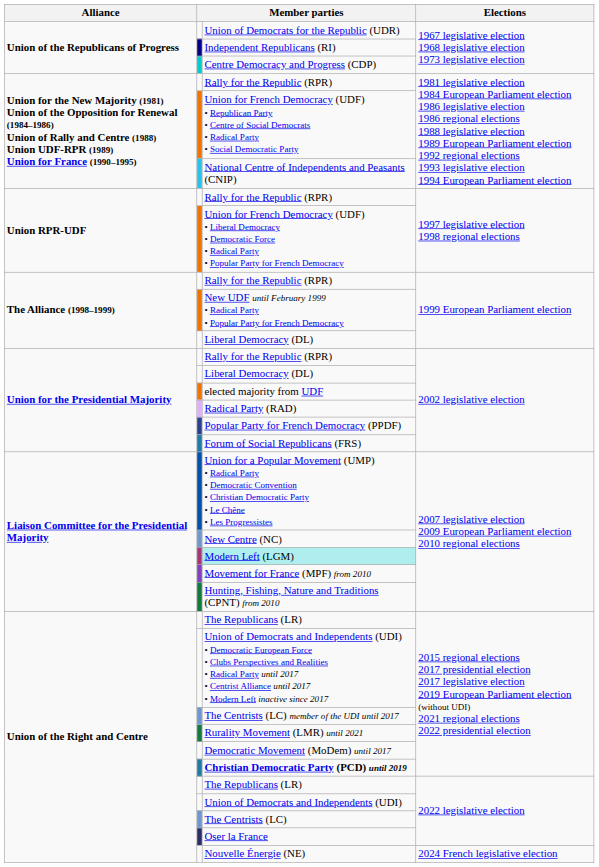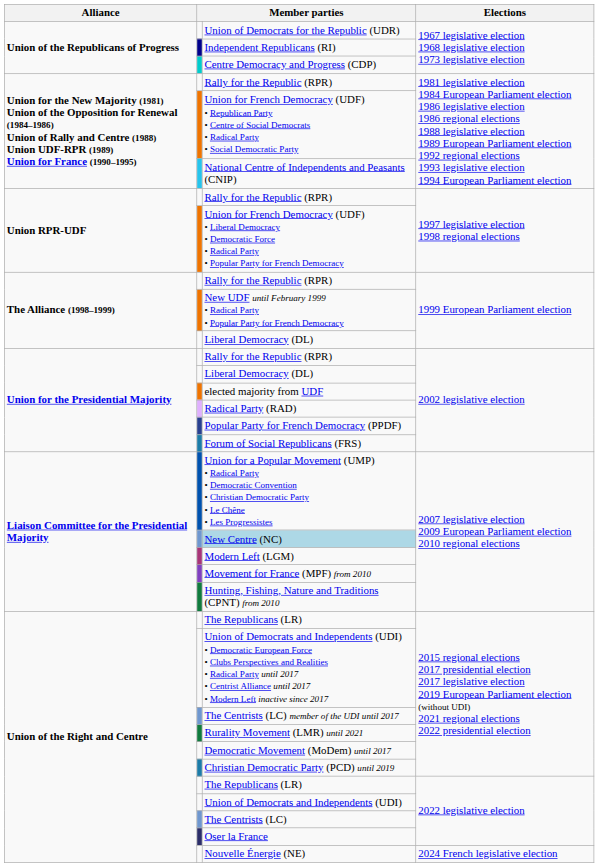 <table class="wikitable">
 <tr>
 <th scope="col">Alliance</th>
 <th colspan="2" scope="col">Member parties</th>
 <th scope="col">Elections</th>
 </tr>
 <tr>
 <td rowspan="3" scope="row"><strong>Union of the Republicans of Progress</strong></td>
 <td style="background-color:"></td>
 <td><a href='#'>Union of Democrats for the Republic</a> (UDR)</td>
 <td rowspan="3"><a href='#'>1967 legislative election</a><br><a href='#'>1968 legislative election</a><br><a href='#'>1973 legislative election</a></td>
 </tr>
 <tr>
 <td style="background-color: #00008B"></td>
 <td><a href='#'>Independent Republicans</a> (RI)</td>
 </tr>
 <tr>
 <td style="background-color: #00CCCC"></td>
 <td><a href='#'>Centre Democracy and Progress</a> (CDP)</td>
 </tr>
 <tr>
 <td rowspan="3" scope="row"><strong>Union for the New Majority  <small>(1981)</small></strong><br><strong>Union of the Opposition for Renewal  <small>(1984–1986)</small><br>Union of Rally and Centre  <small>(1988)</small></strong><br><strong>Union UDF-RPR  <small>(1989)</small></strong><br><strong><a href='#'>Union for France</a> <small>(1990–1995)</small></strong></td>
 <td style="background-color:"></td>
 <td><a href='#'>Rally for the Republic</a> (RPR)</td>
 <td rowspan="3"><a href='#'>1981 legislative election</a><br><a href='#'>1984 European Parliament election</a><br><a href='#'>1986 legislative election</a><br><a href='#'>1986 regional elections</a><br><a href='#'>1988 legislative election</a><br><a href='#'>1989 European Parliament election</a><br><a href='#'>1992 regional elections</a><br><a href='#'>1993 legislative election</a><br><a href='#'>1994 European Parliament election</a></td>
 </tr>
 <tr>
 <td style="background-color: #F07400"></td>
 <td><a href='#'>Union for French Democracy</a> (UDF)<small><br> • <a href='#'>Republican Party</a><br> • <a href='#'>Centre of Social Democrats</a><br> • <a href='#'>Radical Party</a><br> • <a href='#'>Social Democratic Party</a></small></td>
 </tr>
 <tr>
 <td style="background-color: #26C4EC"></td>
 <td><a href='#'>National Centre of Independents and Peasants</a> (CNIP)</td>
 </tr>
 <tr>
 <td rowspan="2" scope="row"><strong>Union RPR-UDF</strong></td>
 <td style="background-color:"></td>
 <td><a href='#'>Rally for the Republic</a> (RPR)</td>
 <td rowspan="2"><a href='#'>1997 legislative election</a><br><a href='#'>1998 regional elections</a></td>
 </tr>
 <tr>
 <td style="background-color: #F07400"></td>
 <td><a href='#'>Union for French Democracy</a> (UDF)<small><br> • <a href='#'>Liberal Democracy</a><br> • <a href='#'>Democratic Force</a><br> • <a href='#'>Radical Party</a><br> • <a href='#'>Popular Party for French Democracy</a></small></td>
 </tr>
 <tr>
 <td rowspan="3" scope="row"><strong>The Alliance <small>(1998–1999)</small></strong></td>
 <td style="background-color:"></td>
 <td><a href='#'>Rally for the Republic</a> (RPR)</td>
 <td rowspan="3"><a href='#'>1999 European Parliament election</a></td>
 </tr>
 <tr>
 <td style="background-color: #F07400"></td>
 <td><a href='#'>New UDF</a> <small><em>until February 1999</em><br> • <a href='#'>Radical Party</a><br> • <a href='#'>Popular Party for French Democracy</a></small></td>
 </tr>
 <tr>
 <td style="background-color:"></td>
 <td><a href='#'>Liberal Democracy</a> (DL)</td>
 </tr>
 <tr>
 <td rowspan="6" scope="row"><strong><a href='#'>Union for the Presidential Majority</a></strong></td>
 <td style="background-color:"></td>
 <td><a href='#'>Rally for the Republic</a> (RPR)</td>
 <td rowspan="6"><a href='#'>2002 legislative election</a></td>
 </tr>
 <tr>
 <td style="background-color:"></td>
 <td><a href='#'>Liberal Democracy</a> (DL)</td>
 </tr>
 <tr>
 <td style="background-color: #F07400"></td>
 <td>elected majority from <a href='#'>UDF</a></td>
 </tr>
 <tr>
 <td style="background-color: #E0B0FF"></td>
 <td><a href='#'>Radical Party</a> (RAD)</td>
 </tr>
 <tr>
 <td style="background-color: #294190"></td>
 <td><a href='#'>Popular Party for French Democracy</a> (PPDF)</td>
 </tr>
 <tr>
 <td style="background-color: #1C7CA8"></td>
 <td><a href='#'>Forum of Social Republicans</a> (FRS)</td>
 </tr>
 <tr>
 <td rowspan="5" scope="row"><strong><a href='#'>Liaison Committee for the Presidential Majority</a></strong></td>
 <td style="background-color: #0052AE"></td>
 <td><a href='#'>Union for a Popular Movement</a> (UMP)<small><br>• <a href='#'>Radical Party</a><br> • <a href='#'>Democratic Convention</a><br>• <a href='#'>Christian Democratic Party</a><br>• <a href='#'>Le Chêne</a><br>• <a href='#'>Les Progressistes</a></small></td>
 <td rowspan="5"><a href='#'>2007 legislative election</a><br><a href='#'>2009 European Parliament election</a><br><a href='#'>2010 regional elections</a></td>
 </tr>
 <tr>
 <td style="background-color: #6F97CF"></td>
-<td><a href='#'>New Centre</a> (NC)</td>
+<td style="background: lightblue;"><a href='#'>New Centre</a> (NC)</td>
 </tr>
 <tr>
 <td style="background-color: #A83578"></td>
-<td style="background: paleturquoise;"><a href='#'>Modern Left</a> (LGM)</td>
+<td><a href='#'>Modern Left</a> (LGM)</td>
 </tr>
 <tr>
 <td style="background-color: #8040C0"></td>
 <td><a href='#'>Movement for France</a> (MPF) <small><em>from 2010</em></small></td>
 </tr>
 <tr>
 <td style="background-color: #117B3E"></td>
 <td><a href='#'>Hunting, Fishing, Nature and Traditions</a> (CPNT) <small><em>from 2010</em></small></td>
 </tr>
 <tr>
 <td rowspan="11" scope="row"><strong>Union of the Right and Centre</strong></td>
 <td style="background-color:"></td>
 <td><a href='#'>The Republicans</a> (LR)</td>
 <td rowspan="6"><a href='#'>2015 regional elections</a><br><a href='#'>2017 presidential election</a><br><a href='#'>2017 legislative election</a><br><a href='#'>2019 European Parliament election</a> <small>(without UDI)</small><br><a href='#'>2021 regional elections</a><br><a href='#'>2022 presidential election</a></td>
 </tr>
 <tr>
 <td style="background-color:"></td>
 <td><a href='#'>Union of Democrats and Independents</a> (UDI)<br><small>• <a href='#'>Democratic European Force</a><br>• <a href='#'>Clubs Perspectives and Realities</a><br>• <a href='#'>Radical Party</a> <em>until 2017</em><br> • <a href='#'>Centrist Alliance</a> <em>until 2017</em><br>• <a href='#'>Modern Left</a> <em>inactive since 2017</em></small></td>
 </tr>
 <tr>
 <td style="background-color: #6F97CF"></td>
 <td><a href='#'>The Centrists</a> (LC) <small><em>member of the UDI until 2017</em></small></td>
 </tr>
 <tr>
 <td style="background-color: #117B3E"></td>
 <td><a href='#'>Rurality Movement</a> (LMR) <small><em>until 2021</em></small></td>
 </tr>
 <tr>
 <td style="background-color:"></td>
 <td><a href='#'>Democratic Movement</a> (MoDem) <small><em>until 2017</em></small></td>
 </tr>
 <tr>
 <td style="background-color: #1C7CA8"></td>
-<td><strong><a href='#'>Christian Democratic Party</a> (PCD) <small><em>until 2019</em></small></strong></td>
+<td><a href='#'>Christian Democratic Party</a> (PCD) <small><em>until 2019</em></small></td>
 </tr>
 <tr>
 <td style="background-color:"></td>
 <td><a href='#'>The Republicans</a> (LR)</td>
 <td rowspan="4"><a href='#'>2022 legislative election</a></td>
 </tr>
 <tr>
 <td style="background-color:"></td>
 <td><a href='#'>Union of Democrats and Independents</a> (UDI)</td>
 </tr>
 <tr>
 <td style="background-color: #6F97CF"></td>
 <td><a href='#'>The Centrists</a> (LC)</td>
 </tr>
 <tr>
 <td style="background-color: #2C2E69"></td>
 <td><a href='#'>Oser la France</a></td>
 </tr>
 <tr>
 <td style="background-color:"></td>
 <td><a href='#'>Nouvelle Énergie</a> (NE)</td>
 <td><a href='#'>2024 French legislative election</a></td>
 </tr>
 </table>
